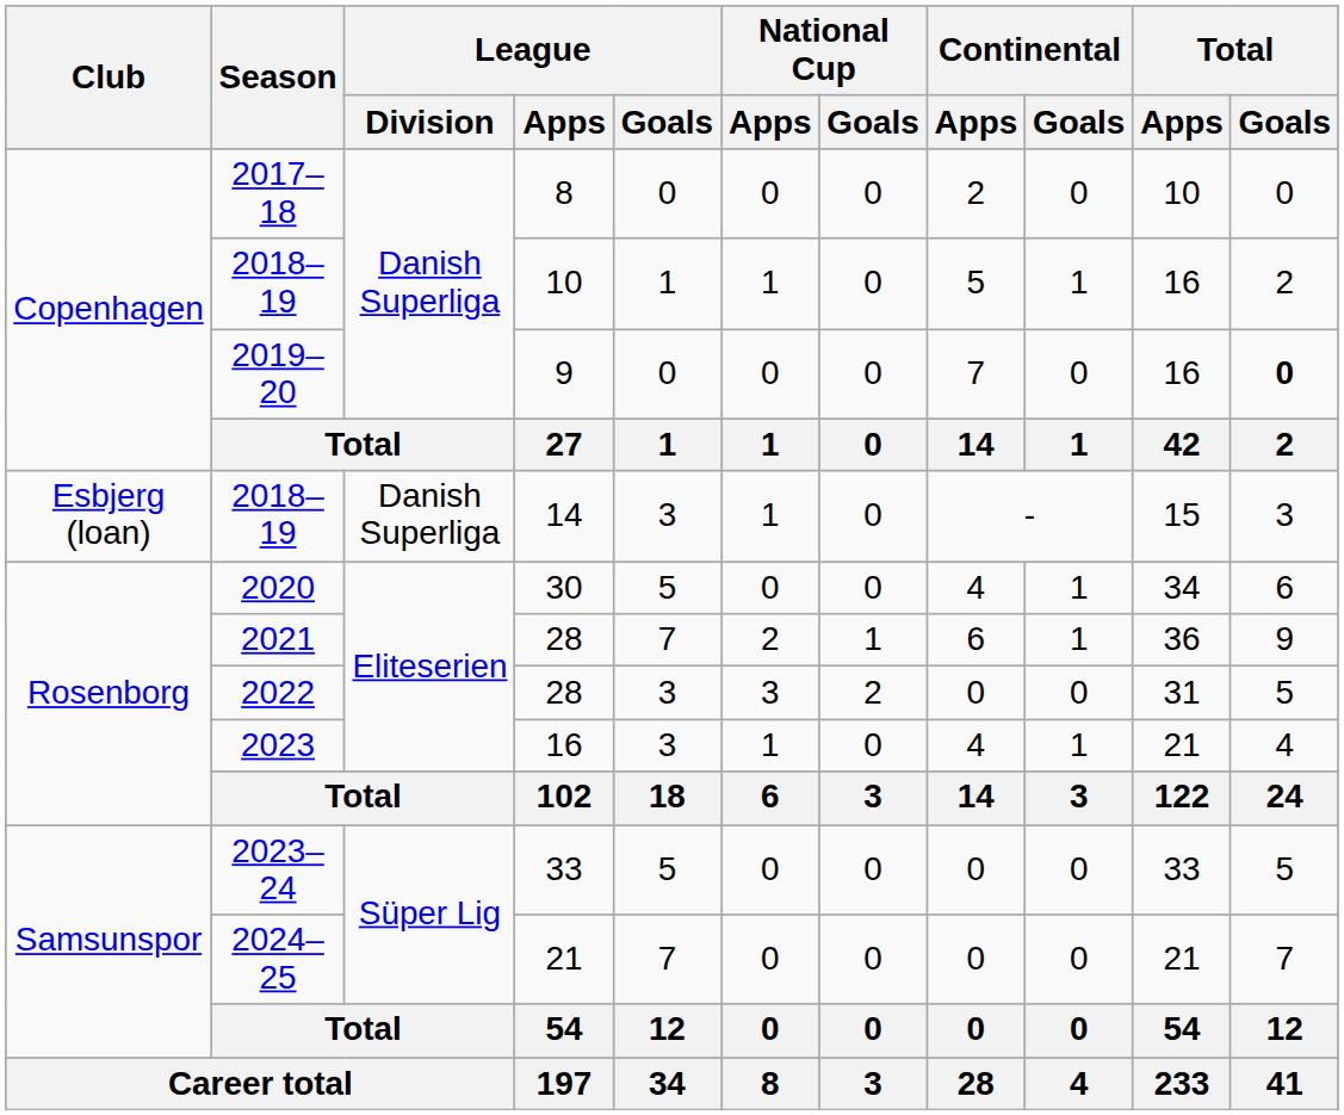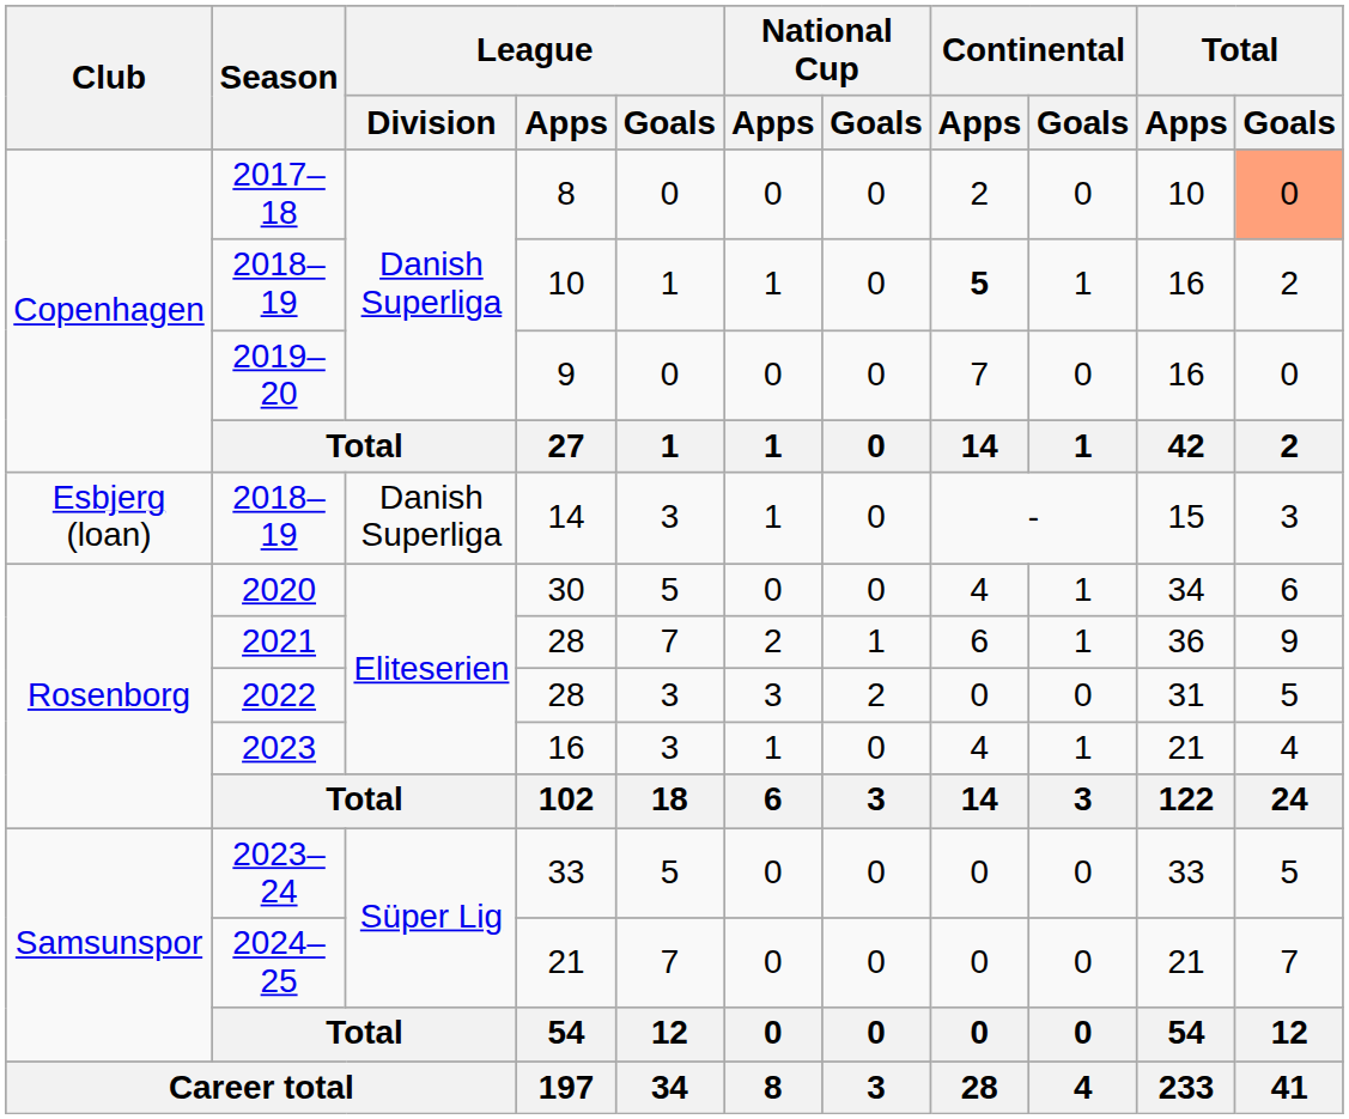 <table class="wikitable" style="text-align:center">
 <tr>
 <th rowspan="2">Club</th>
 <th rowspan="2">Season</th>
 <th colspan="3">League</th>
 <th colspan="2">National Cup</th>
 <th colspan="2">Continental</th>
 <th colspan="2">Total</th>
 </tr>
 <tr>
 <th>Division</th>
 <th>Apps</th>
 <th>Goals</th>
 <th>Apps</th>
 <th>Goals</th>
 <th>Apps</th>
 <th>Goals</th>
 <th>Apps</th>
 <th>Goals</th>
 </tr>
 <tr>
 <td rowspan="4"><a href='#'>Copenhagen</a></td>
 <td><a href='#'>2017–18</a></td>
 <td rowspan="3"><a href='#'>Danish Superliga</a></td>
 <td>8</td>
 <td>0</td>
 <td>0</td>
 <td>0</td>
 <td>2</td>
 <td>0</td>
 <td>10</td>
-<td>0</td>
+<td style="background: lightsalmon;">0</td>
 </tr>
 <tr>
 <td><a href='#'>2018–19</a></td>
 <td>10</td>
 <td>1</td>
 <td>1</td>
 <td>0</td>
-<td>5</td>
+<td><strong>5</strong></td>
 <td>1</td>
 <td>16</td>
 <td>2</td>
 </tr>
 <tr>
 <td><a href='#'>2019–20</a></td>
 <td>9</td>
 <td>0</td>
 <td>0</td>
 <td>0</td>
 <td>7</td>
 <td>0</td>
 <td>16</td>
-<td><strong>0</strong></td>
+<td>0</td>
 </tr>
 <tr>
 <th colspan="2">Total</th>
 <th>27</th>
 <th>1</th>
 <th>1</th>
 <th>0</th>
 <th>14</th>
 <th>1</th>
 <th>42</th>
 <th>2</th>
 </tr>
 <tr>
 <td><a href='#'>Esbjerg</a> (loan)</td>
 <td><a href='#'>2018–19</a></td>
 <td>Danish Superliga</td>
 <td>14</td>
 <td>3</td>
 <td>1</td>
 <td>0</td>
 <td colspan="2">-</td>
 <td>15</td>
 <td>3</td>
 </tr>
 <tr>
 <td rowspan="5"><a href='#'>Rosenborg</a></td>
 <td><a href='#'>2020</a></td>
 <td rowspan="4"><a href='#'>Eliteserien</a></td>
 <td>30</td>
 <td>5</td>
 <td>0</td>
 <td>0</td>
 <td>4</td>
 <td>1</td>
 <td>34</td>
 <td>6</td>
 </tr>
 <tr>
 <td><a href='#'>2021</a></td>
 <td>28</td>
 <td>7</td>
 <td>2</td>
 <td>1</td>
 <td>6</td>
 <td>1</td>
 <td>36</td>
 <td>9</td>
 </tr>
 <tr>
 <td><a href='#'>2022</a></td>
 <td>28</td>
 <td>3</td>
 <td>3</td>
 <td>2</td>
 <td>0</td>
 <td>0</td>
 <td>31</td>
 <td>5</td>
 </tr>
 <tr>
 <td><a href='#'>2023</a></td>
 <td>16</td>
 <td>3</td>
 <td>1</td>
 <td>0</td>
 <td>4</td>
 <td>1</td>
 <td>21</td>
 <td>4</td>
 </tr>
 <tr>
 <th colspan="2">Total</th>
 <th>102</th>
 <th>18</th>
 <th>6</th>
 <th>3</th>
 <th>14</th>
 <th>3</th>
 <th>122</th>
 <th>24</th>
 </tr>
 <tr>
 <td rowspan="3"><a href='#'>Samsunspor</a></td>
 <td><a href='#'>2023–24</a></td>
 <td rowspan="2"><a href='#'>Süper Lig</a></td>
 <td>33</td>
 <td>5</td>
 <td>0</td>
 <td>0</td>
 <td>0</td>
 <td>0</td>
 <td>33</td>
 <td>5</td>
 </tr>
 <tr>
 <td><a href='#'>2024–25</a></td>
 <td>21</td>
 <td>7</td>
 <td>0</td>
 <td>0</td>
 <td>0</td>
 <td>0</td>
 <td>21</td>
 <td>7</td>
 </tr>
 <tr>
 <th colspan="2">Total</th>
 <th>54</th>
 <th>12</th>
 <th>0</th>
 <th>0</th>
 <th>0</th>
 <th>0</th>
 <th>54</th>
 <th>12</th>
 </tr>
 <tr>
 <th colspan="3">Career total</th>
 <th>197</th>
 <th>34</th>
 <th>8</th>
 <th>3</th>
 <th>28</th>
 <th>4</th>
 <th>233</th>
 <th>41</th>
 </tr>
 </table>
